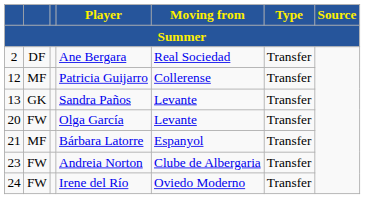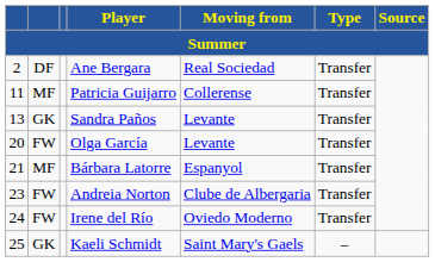 <table class="wikitable plainrowheaders sortable" style="text-align:center">
 <tr>
 <th style="background:#26559B; color:#FFF000; "></th>
 <th style="background:#26559B; color:#FFF000; "></th>
 <th style="background:#26559B; color:#FFF000; "></th>
 <th style="background:#26559B; color:#FFF000; ">Player</th>
 <th style="background:#26559B; color:#FFF000; ">Moving from</th>
 <th style="background:#26559B; color:#FFF000; ">Type</th>
 <th style="background:#26559B; color:#FFF000; ">Source</th>
 </tr>
 <tr>
 <th colspan=7 style="background:#26559B; color:#FFF000; ">Summer</th>
 </tr>
 <tr>
 <td>2</td>
 <td>DF</td>
 <td></td>
 <td align="left"><a href='#'>Ane Bergara</a></td>
 <td align="left"><a href='#'>Real Sociedad</a></td>
 <td>Transfer</td>
 <td rowspan="7"></td>
 </tr>
 <tr>
-<td>12</td>
+<td>11</td>
 <td>MF</td>
 <td></td>
 <td align=left><a href='#'>Patricia Guijarro</a></td>
 <td align=left><a href='#'>Collerense</a></td>
 <td>Transfer</td>
 </tr>
 <tr>
 <td>13</td>
 <td>GK</td>
 <td></td>
 <td align=left><a href='#'>Sandra Paños</a></td>
 <td align="left"><a href='#'>Levante</a></td>
 <td>Transfer</td>
 </tr>
 <tr>
 <td>20</td>
 <td>FW</td>
 <td></td>
 <td align=left><a href='#'>Olga García</a></td>
 <td align=left><a href='#'>Levante</a></td>
 <td>Transfer</td>
 </tr>
 <tr>
 <td>21</td>
 <td>MF</td>
 <td></td>
 <td align=left><a href='#'>Bárbara Latorre</a></td>
 <td align=left><a href='#'>Espanyol</a></td>
 <td>Transfer</td>
 </tr>
 <tr>
 <td>23</td>
 <td>FW</td>
 <td></td>
 <td align=left><a href='#'>Andreia Norton</a></td>
 <td align=left> <a href='#'>Clube de Albergaria</a></td>
 <td>Transfer</td>
 </tr>
 <tr>
 <td>24</td>
 <td>FW</td>
 <td></td>
 <td align=left><a href='#'>Irene del Río</a></td>
 <td align=left><a href='#'>Oviedo Moderno</a></td>
 <td>Transfer</td>
 </tr>
+<tr>
+<td>25</td>
+<td>GK</td>
+<td></td>
+<td align=left><a href='#'>Kaeli Schmidt</a></td>
+<td align=left> <a href='#'>Saint Mary's Gaels</a></td>
+<td>–</td>
+<td></td>
+</tr>
 </table>
